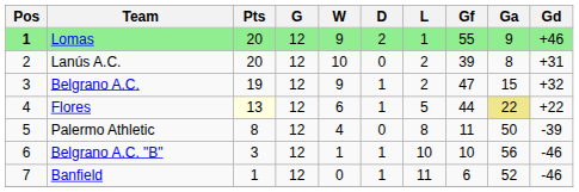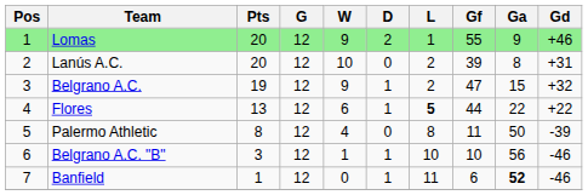 <table class="wikitable" style="text-align:center">
 <tr>
 <th width=40px>Pos</th>
 <th width=200px>Team</th>
 <th width=40px>Pts</th>
 <th width=40px>G</th>
 <th width=40px>W</th>
 <th width=40px>D</th>
 <th width=40px>L</th>
 <th width=40px>Gf</th>
 <th width=40px>Ga</th>
 <th width=40px>Gd</th>
 </tr>
 <tr bgcolor="lightgreen">
-<td><strong>1</strong></td>
+<td>1</td>
 <td align=left><a href='#'>Lomas</a></td>
 <td>20</td>
 <td>12</td>
 <td>9</td>
 <td>2</td>
 <td>1</td>
 <td>55</td>
 <td>9</td>
 <td>+46</td>
 </tr>
 <tr>
 <td>2</td>
 <td align=left>Lanús A.C.</td>
 <td>20</td>
 <td>12</td>
 <td>10</td>
 <td>0</td>
 <td>2</td>
 <td>39</td>
 <td>8</td>
 <td>+31</td>
 </tr>
 <tr>
 <td>3</td>
 <td align=left><a href='#'>Belgrano A.C.</a></td>
 <td>19</td>
 <td>12</td>
 <td>9</td>
 <td>1</td>
 <td>2</td>
 <td>47</td>
 <td>15</td>
 <td>+32</td>
 </tr>
 <tr>
 <td>4</td>
 <td align=left><a href='#'>Flores</a></td>
-<td style="background: lightyellow;">13</td>
+<td>13</td>
 <td>12</td>
 <td>6</td>
 <td>1</td>
-<td>5</td>
+<td><strong>5</strong></td>
 <td>44</td>
-<td style="background: khaki;">22</td>
+<td>22</td>
 <td>+22</td>
 </tr>
 <tr>
 <td>5</td>
 <td align=left>Palermo Athletic</td>
 <td>8</td>
 <td>12</td>
 <td>4</td>
 <td>0</td>
 <td>8</td>
 <td>11</td>
 <td>50</td>
 <td>-39</td>
 </tr>
 <tr>
 <td>6</td>
 <td align=left><a href='#'>Belgrano A.C. "B"</a></td>
 <td>3</td>
 <td>12</td>
 <td>1</td>
 <td>1</td>
 <td>10</td>
 <td>10</td>
 <td>56</td>
 <td>-46</td>
 </tr>
 <tr>
 <td>7</td>
 <td align=left><a href='#'>Banfield</a></td>
 <td>1</td>
 <td>12</td>
 <td>0</td>
 <td>1</td>
 <td>11</td>
 <td>6</td>
-<td>52</td>
+<td><strong>52</strong></td>
 <td>-46</td>
 </tr>
 <tr>
 </tr>
 </table>
